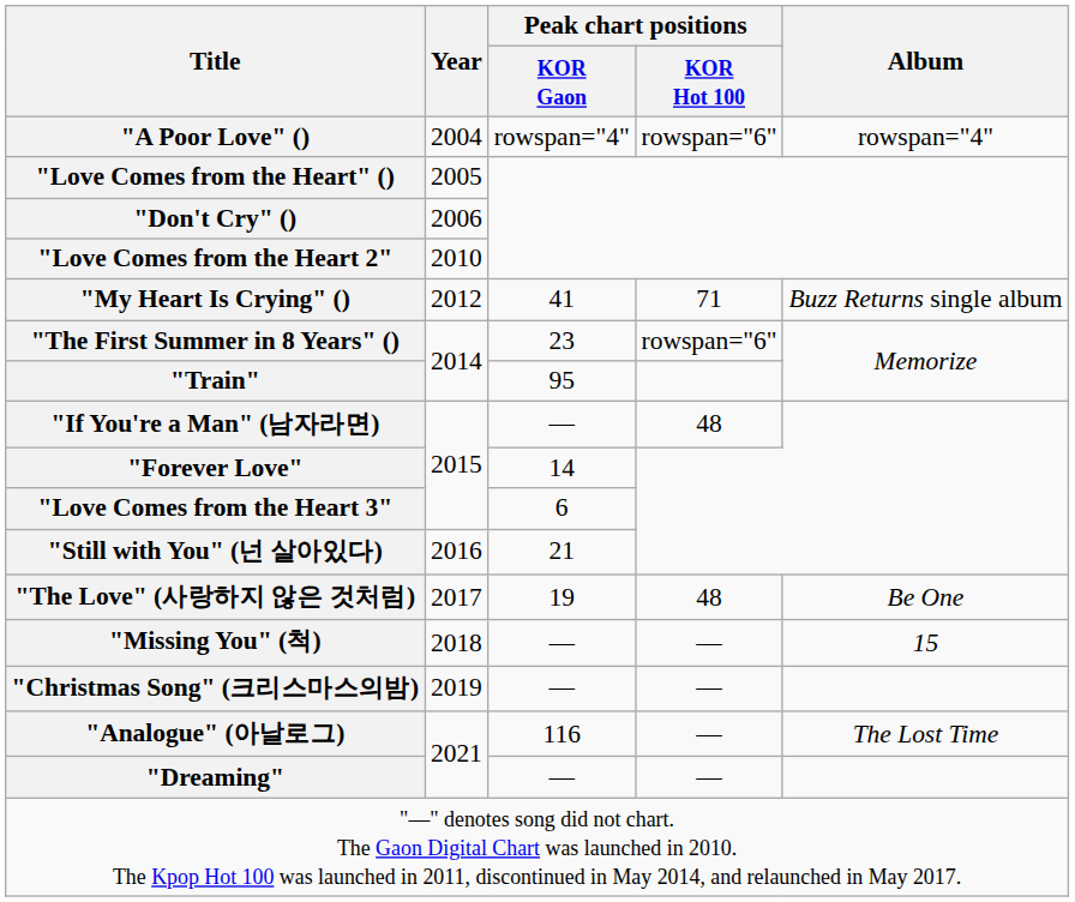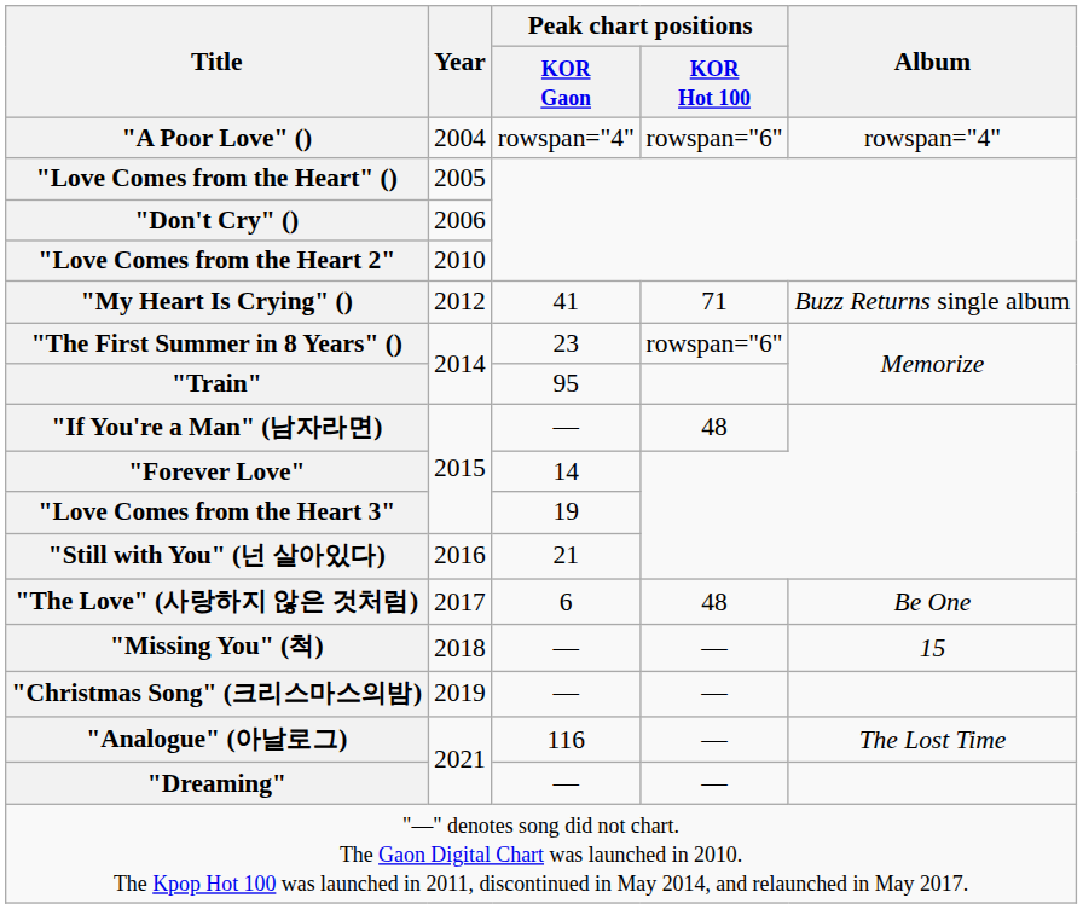 <table class="wikitable plainrowheaders" style="text-align:center;">
 <tr>
 <th rowspan="2">Title</th>
 <th rowspan="2">Year</th>
 <th colspan="2" style="width:5em;">Peak chart positions</th>
 <th rowspan="2">Album</th>
 </tr>
 <tr>
 <th><small><a href='#'>KOR<br>Gaon</a></small><br></th>
 <th><small><a href='#'>KOR<br>Hot 100</a></small><br></th>
 </tr>
 <tr>
 <th scope="row">"A Poor Love" ()</th>
 <td>2004</td>
 <td>rowspan="4" </td>
 <td>rowspan="6" </td>
 <td>rowspan="4" </td>
 </tr>
 <tr>
 <th scope="row">"Love Comes from the Heart" ()</th>
 <td>2005</td>
 </tr>
 <tr>
 <th scope="row">"Don't Cry" ()</th>
 <td>2006</td>
 </tr>
 <tr>
 <th scope="row">"Love Comes from the Heart 2"</th>
 <td>2010</td>
 </tr>
 <tr>
 <th scope="row">"My Heart Is Crying" ()</th>
 <td>2012</td>
 <td>41</td>
 <td>71</td>
 <td><em>Buzz Returns</em> single album</td>
 </tr>
 <tr>
 <th scope="row">"The First Summer in 8 Years" ()</th>
 <td rowspan="2">2014</td>
 <td>23</td>
 <td>rowspan="6" </td>
 <td rowspan="2"><em>Memorize</em></td>
 </tr>
 <tr>
 <th scope="row">"Train"</th>
 <td>95</td>
 </tr>
 <tr>
 <th scope="row">"If You're a Man" (남자라면)</th>
 <td rowspan="3">2015</td>
 <td>—</td>
 <td>48</td>
 </tr>
 <tr>
 <th scope="row">"Forever Love"</th>
 <td>14</td>
 </tr>
 <tr>
 <th scope="row">"Love Comes from the Heart 3"</th>
-<td>6</td>
+<td>19</td>
 </tr>
 <tr>
 <th scope="row">"Still with You" (넌 살아있다)</th>
 <td>2016</td>
 <td>21</td>
 </tr>
 <tr>
 <th scope="row">"The Love" (사랑하지 않은 것처럼)</th>
 <td>2017</td>
-<td>19</td>
+<td>6</td>
 <td>48</td>
 <td><em>Be One</em></td>
 </tr>
 <tr>
 <th scope="row">"Missing You" (척)</th>
 <td>2018</td>
 <td>—</td>
 <td>—</td>
 <td><em>15</em></td>
 </tr>
 <tr>
 <th scope="row">"Christmas Song" (크리스마스의밤)</th>
 <td>2019</td>
 <td>—</td>
 <td>—</td>
 <td></td>
 </tr>
 <tr>
 <th scope="row">"Analogue" (아날로그)</th>
 <td rowspan="2">2021</td>
 <td>116</td>
 <td>—</td>
 <td><em>The Lost Time</em></td>
 </tr>
 <tr>
 <th scope="row">"Dreaming"</th>
 <td>—</td>
 <td>—</td>
 <td></td>
 </tr>
 <tr>
 <td colspan="5"><small>"—" denotes song did not chart.<br>The <a href='#'>Gaon Digital Chart</a> was launched in 2010.<br>The <a href='#'>Kpop Hot 100</a> was launched in 2011, discontinued in May 2014, and relaunched in May 2017.</small></td>
 </tr>
 </table>
